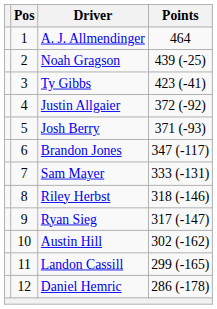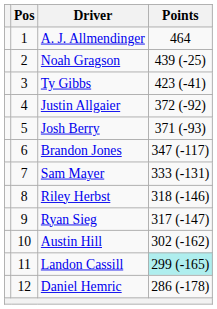 <table class="wikitable" style="font-size: 95%;">
 <tr>
 <th></th>
 <th>Pos</th>
 <th>Driver</th>
 <th>Points</th>
 </tr>
 <tr>
 <td align="left"></td>
 <td style="text-align:center;">1</td>
 <td><a href='#'>A. J. Allmendinger</a></td>
 <td style="text-align:center;">464</td>
 </tr>
 <tr>
 <td align="left"></td>
 <td style="text-align:center;">2</td>
 <td><a href='#'>Noah Gragson</a></td>
 <td style="text-align:center;">439 (-25)</td>
 </tr>
 <tr>
 <td align="left"></td>
 <td style="text-align:center;">3</td>
 <td><a href='#'>Ty Gibbs</a></td>
 <td style="text-align:center;">423 (-41)</td>
 </tr>
 <tr>
 <td align="left"></td>
 <td style="text-align:center;">4</td>
 <td><a href='#'>Justin Allgaier</a></td>
 <td style="text-align:center;">372 (-92)</td>
 </tr>
 <tr>
 <td align="left"></td>
 <td style="text-align:center;">5</td>
 <td><a href='#'>Josh Berry</a></td>
 <td style="text-align:center;">371 (-93)</td>
 </tr>
 <tr>
 <td align="left"></td>
 <td style="text-align:center;">6</td>
 <td><a href='#'>Brandon Jones</a></td>
 <td style="text-align:center;">347 (-117)</td>
 </tr>
 <tr>
 <td align="left"></td>
 <td style="text-align:center;">7</td>
 <td><a href='#'>Sam Mayer</a></td>
 <td style="text-align:center;">333 (-131)</td>
 </tr>
 <tr>
 <td align="left"></td>
 <td style="text-align:center;">8</td>
 <td><a href='#'>Riley Herbst</a></td>
 <td style="text-align:center;">318 (-146)</td>
 </tr>
 <tr>
 <td align="left"></td>
 <td style="text-align:center;">9</td>
 <td><a href='#'>Ryan Sieg</a></td>
 <td style="text-align:center;">317 (-147)</td>
 </tr>
 <tr>
 <td align="left"></td>
 <td style="text-align:center;">10</td>
 <td><a href='#'>Austin Hill</a></td>
 <td style="text-align:center;">302 (-162)</td>
 </tr>
 <tr>
 <td align="left"></td>
 <td style="text-align:center;">11</td>
 <td><a href='#'>Landon Cassill</a></td>
-<td style="text-align:center;">299 (-165)</td>
+<td style="background: paleturquoise; text-align:center;">299 (-165)</td>
 </tr>
 <tr>
 <td align="left"></td>
 <td style="text-align:center;">12</td>
 <td><a href='#'>Daniel Hemric</a></td>
 <td style="text-align:center;">286 (-178)</td>
 </tr>
 <tr class="sortbottom">
 <th colspan="9"></th>
 </tr>
 </table>
